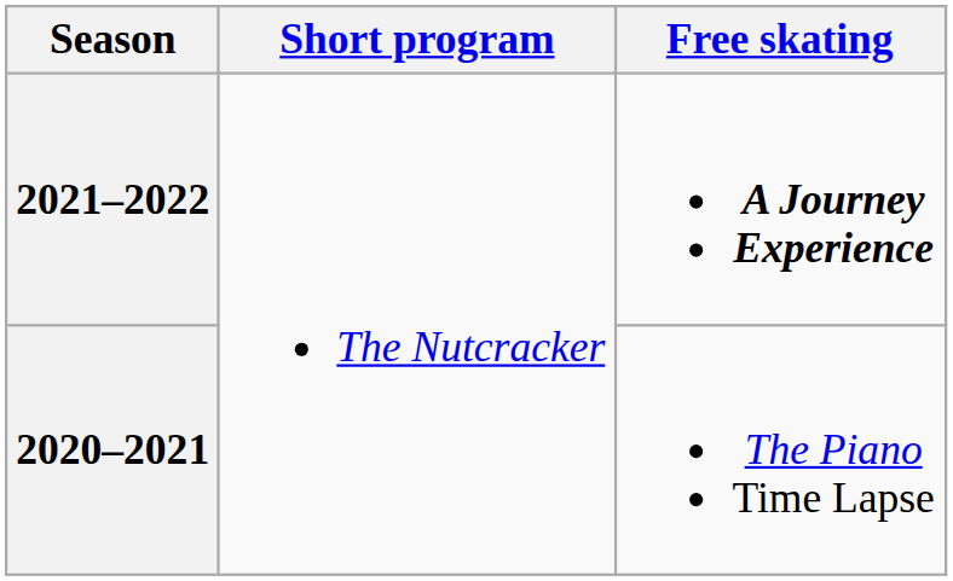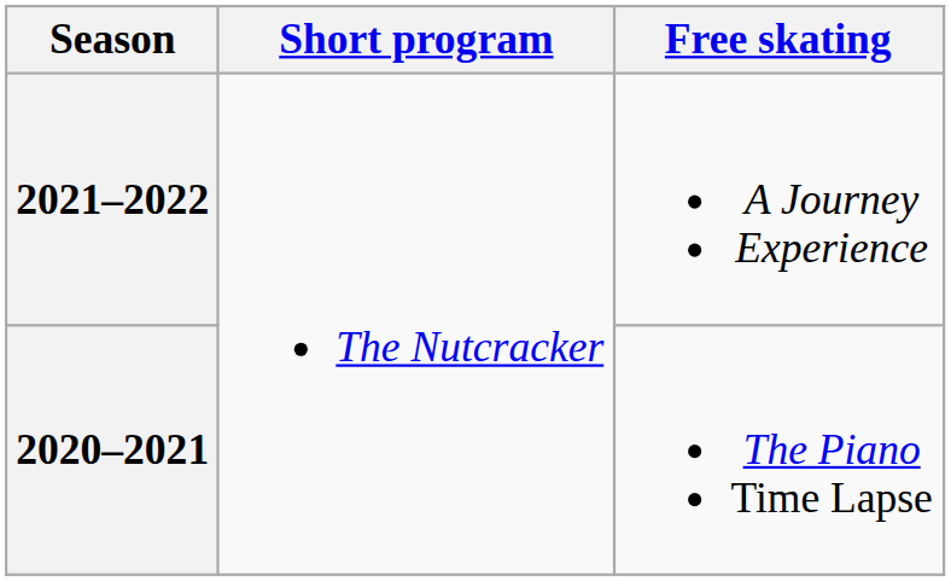 <table class="wikitable" style="text-align:center">
 <tr>
 <th>Season</th>
 <th><a href='#'>Short program</a></th>
 <th><a href='#'>Free skating</a></th>
 </tr>
 <tr>
 <th>2021–2022</th>
 <td rowspan=2><br><ul><li><em><a href='#'>The Nutcracker</a></em><br></li></ul></td>
-<td><strong><br><ul><li><em>A Journey</em> <br></li><li><em>Experience</em> <br></li></ul></strong></td>
+<td><br><ul><li><em>A Journey</em> <br></li><li><em>Experience</em> <br></li></ul></td>
 </tr>
 <tr>
 <th>2020–2021<br></th>
 <td><br><ul><li><em><a href='#'>The Piano</a></em></li><li>Time Lapse<br></li></ul></td>
 </tr>
 </table>
